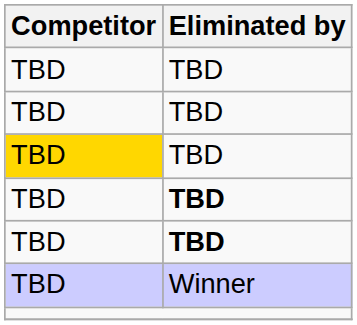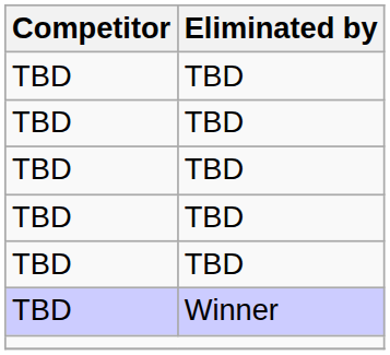 <table class="wikitable">
 <tr>
 <th>Competitor</th>
 <th>Eliminated by</th>
 </tr>
 <tr>
 <td>TBD</td>
 <td>TBD</td>
 </tr>
 <tr>
 <td>TBD</td>
 <td>TBD</td>
 </tr>
 <tr>
-<td style="background: gold;">TBD</td>
+<td>TBD</td>
 <td>TBD</td>
 </tr>
 <tr>
 <td>TBD</td>
-<td><strong>TBD</strong></td>
+<td>TBD</td>
 </tr>
 <tr>
 <td>TBD</td>
-<td><strong>TBD</strong></td>
+<td>TBD</td>
 </tr>
 <tr style="background: #CCCCFF;">
 <td>TBD</td>
 <td>Winner</td>
 </tr>
 <tr>
 <td colspan="2"></td>
 </tr>
 <tr>
 </tr>
 </table>
